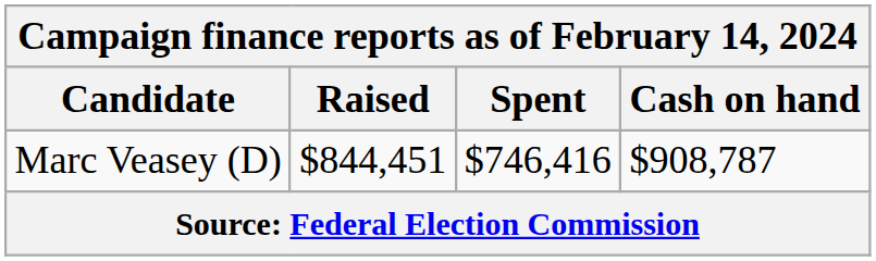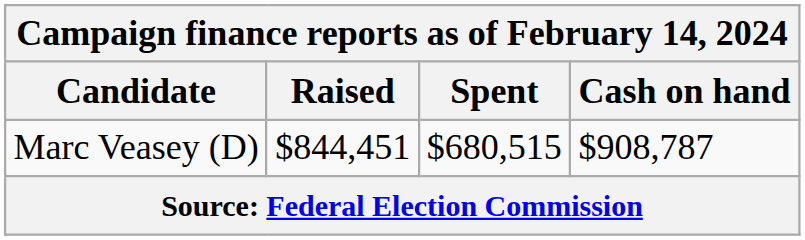 <table class="wikitable sortable">
 <tr>
 <th colspan=4>Campaign finance reports as of February 14, 2024</th>
 </tr>
 <tr style="text-align:center;">
 <th>Candidate</th>
 <th>Raised</th>
 <th>Spent</th>
 <th>Cash on hand</th>
 </tr>
 <tr>
 <td style="color:black;background-color:">Marc Veasey (D)</td>
 <td>$844,451</td>
-<td>$746,416</td>
+<td>$680,515</td>
 <td>$908,787</td>
 </tr>
 <tr>
 <th colspan="4"><small>Source: <a href='#'>Federal Election Commission</a></small></th>
 </tr>
 </table>
